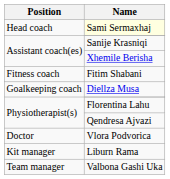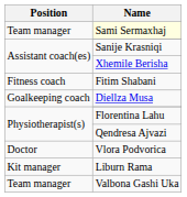 <table class="wikitable">
 <tr>
 <th>Position</th>
 <th>Name</th>
 </tr>
 <tr>
-<td>Head coach</td>
+<td>Team manager</td>
 <td style="background: lightyellow;"> Sami Sermaxhaj</td>
 </tr>
 <tr>
 <td rowspan="3">Assistant coach(es)</td>
 </tr>
 <tr>
 <td> Sanije Krasniqi</td>
 </tr>
 <tr>
 <td> <a href='#'>Xhemile Berisha</a></td>
 </tr>
 <tr>
 <td>Fitness coach</td>
 <td> Fitim Shabani</td>
 </tr>
 <tr>
 <td>Goalkeeping coach</td>
 <td> <a href='#'>Diellza Musa</a></td>
 </tr>
 <tr>
 <td rowspan="3">Physiotherapist(s)</td>
 </tr>
 <tr>
 <td> Florentina Lahu</td>
 </tr>
 <tr>
 <td> Qendresa Ajvazi</td>
 </tr>
 <tr>
 <td>Doctor</td>
 <td> Vlora Podvorica</td>
 </tr>
 <tr>
 <td>Kit manager</td>
 <td> Liburn Rama</td>
 </tr>
 <tr>
 <td>Team manager</td>
 <td> Valbona Gashi Uka</td>
 </tr>
 </table>
